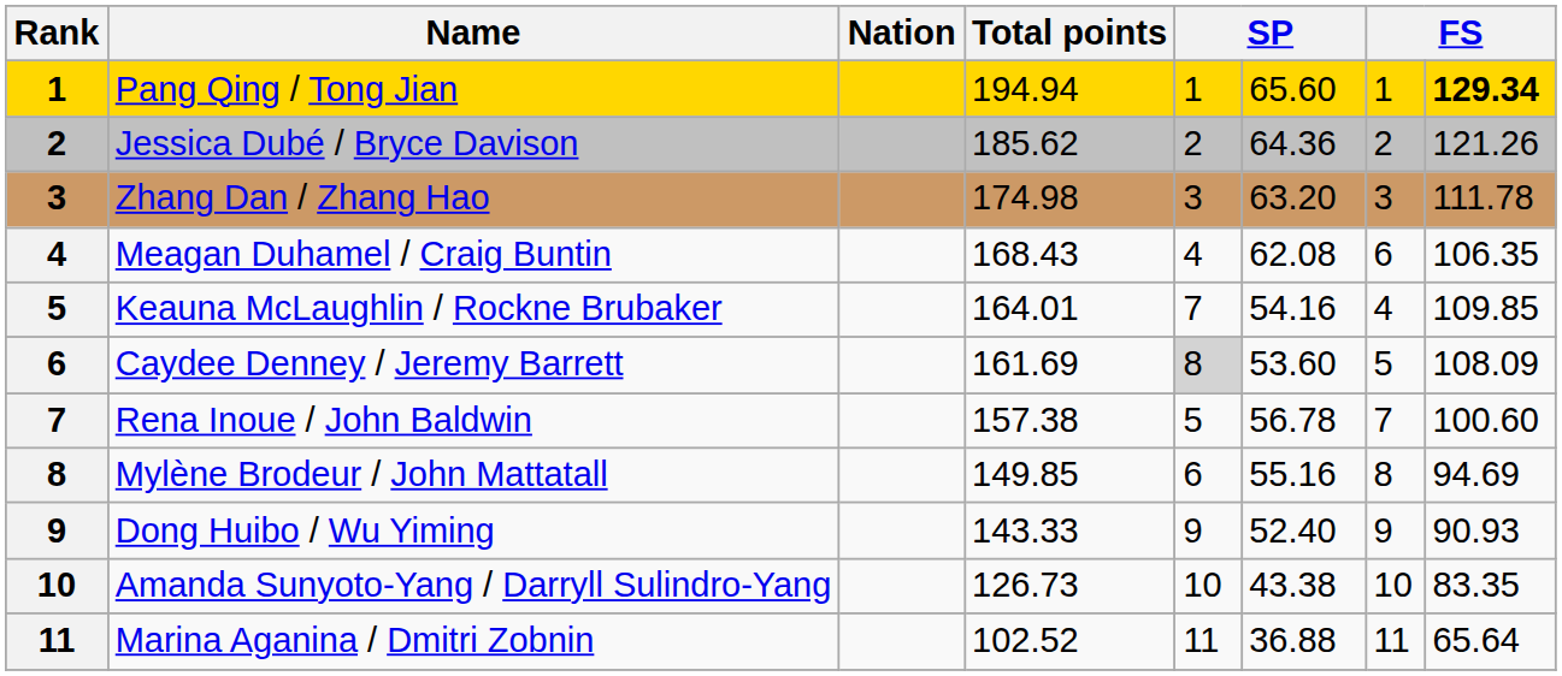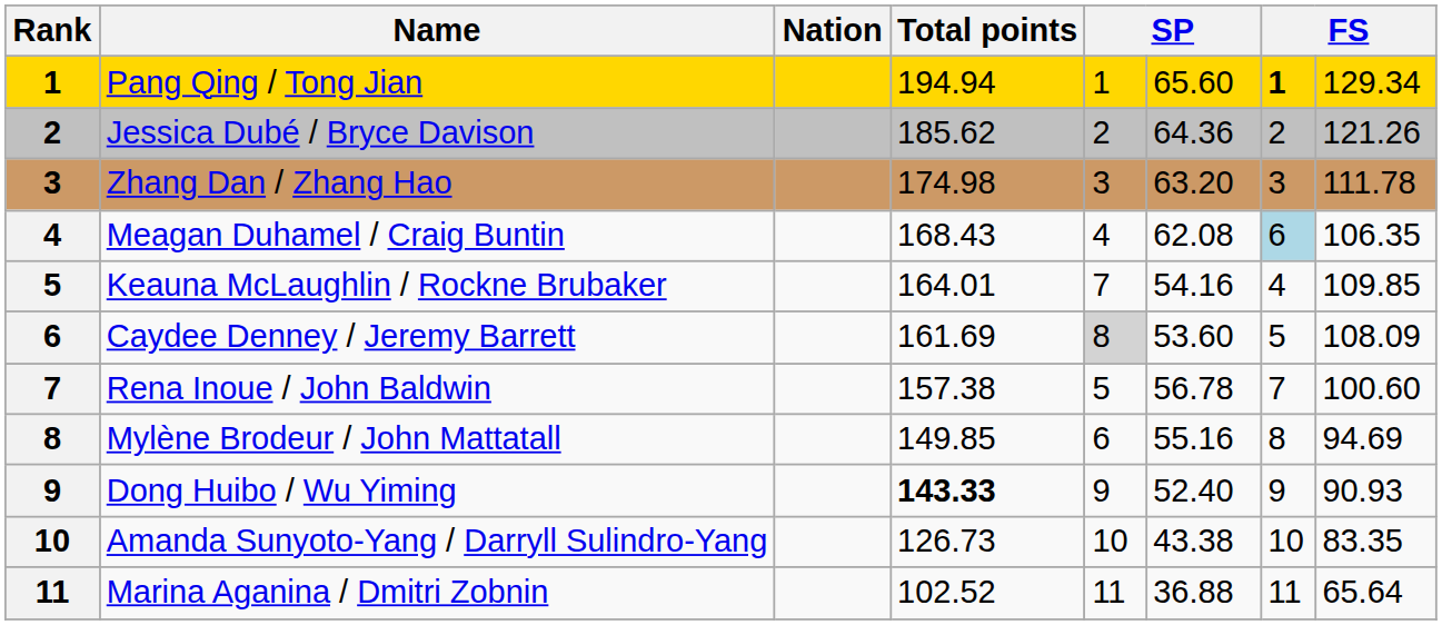 <table class="wikitable">
 <tr>
 <th>Rank</th>
 <th>Name</th>
 <th>Nation</th>
 <th>Total points</th>
 <th colspan="2" width="80px"><a href='#'>SP</a></th>
 <th colspan="2" width="80px"><a href='#'>FS</a></th>
 </tr>
 <tr bgcolor="gold">
 <td align="center"><strong>1</strong></td>
 <td><a href='#'>Pang Qing</a> / <a href='#'>Tong Jian</a></td>
 <td></td>
 <td>194.94</td>
 <td>1</td>
 <td>65.60</td>
-<td>1</td>
-<td><strong>129.34</strong></td>
+<td><strong>1</strong></td>
+<td>129.34</td>
 </tr>
 <tr bgcolor="silver">
 <td align="center"><strong>2</strong></td>
 <td><a href='#'>Jessica Dubé</a> / <a href='#'>Bryce Davison</a></td>
 <td></td>
 <td>185.62</td>
 <td>2</td>
 <td>64.36</td>
 <td>2</td>
 <td>121.26</td>
 </tr>
 <tr bgcolor="cc9966">
 <td align="center"><strong>3</strong></td>
 <td><a href='#'>Zhang Dan</a> / <a href='#'>Zhang Hao</a></td>
 <td></td>
 <td>174.98</td>
 <td>3</td>
 <td>63.20</td>
 <td>3</td>
 <td>111.78</td>
 </tr>
 <tr>
 <th>4</th>
 <td><a href='#'>Meagan Duhamel</a> / <a href='#'>Craig Buntin</a></td>
 <td></td>
 <td>168.43</td>
 <td>4</td>
 <td>62.08</td>
-<td>6</td>
+<td style="background: lightblue;">6</td>
 <td>106.35</td>
 </tr>
 <tr>
 <th>5</th>
 <td><a href='#'>Keauna McLaughlin</a> / <a href='#'>Rockne Brubaker</a></td>
 <td></td>
 <td>164.01</td>
 <td>7</td>
 <td>54.16</td>
 <td>4</td>
 <td>109.85</td>
 </tr>
 <tr>
 <th>6</th>
 <td><a href='#'>Caydee Denney</a> / <a href='#'>Jeremy Barrett</a></td>
 <td></td>
 <td>161.69</td>
 <td style="background: lightgrey;">8</td>
 <td>53.60</td>
 <td>5</td>
 <td>108.09</td>
 </tr>
 <tr>
 <th>7</th>
 <td><a href='#'>Rena Inoue</a> / <a href='#'>John Baldwin</a></td>
 <td></td>
 <td>157.38</td>
 <td>5</td>
 <td>56.78</td>
 <td>7</td>
 <td>100.60</td>
 </tr>
 <tr>
 <th>8</th>
 <td><a href='#'>Mylène Brodeur</a> / <a href='#'>John Mattatall</a></td>
 <td></td>
 <td>149.85</td>
 <td>6</td>
 <td>55.16</td>
 <td>8</td>
 <td>94.69</td>
 </tr>
 <tr>
 <th>9</th>
 <td><a href='#'>Dong Huibo</a> / <a href='#'>Wu Yiming</a></td>
 <td></td>
-<td>143.33</td>
+<td><strong>143.33</strong></td>
 <td>9</td>
 <td>52.40</td>
 <td>9</td>
 <td>90.93</td>
 </tr>
 <tr>
 <th>10</th>
 <td><a href='#'>Amanda Sunyoto-Yang</a> / <a href='#'>Darryll Sulindro-Yang</a></td>
 <td></td>
 <td>126.73</td>
 <td>10</td>
 <td>43.38</td>
 <td>10</td>
 <td>83.35</td>
 </tr>
 <tr>
 <th>11</th>
 <td><a href='#'>Marina Aganina</a> / <a href='#'>Dmitri Zobnin</a></td>
 <td></td>
 <td>102.52</td>
 <td>11</td>
 <td>36.88</td>
 <td>11</td>
 <td>65.64</td>
 </tr>
 </table>
